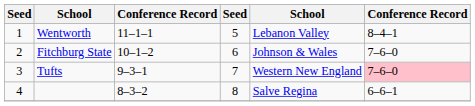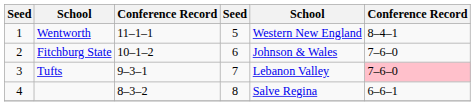 <table class="wikitable">
 <tr>
 <th>Seed</th>
 <th>School</th>
 <th>Conference Record</th>
 <th>Seed</th>
 <th>School</th>
 <th>Conference Record</th>
 </tr>
 <tr>
 <td align=center>1</td>
 <td><a href='#'>Wentworth</a></td>
 <td>11–1–1</td>
 <td align=center>5</td>
-<td><a href='#'>Lebanon Valley</a></td>
+<td><a href='#'>Western New England</a></td>
 <td>8–4–1</td>
 </tr>
 <tr>
 <td align=center>2</td>
 <td><a href='#'>Fitchburg State</a></td>
 <td>10–1–2</td>
 <td align=center>6</td>
 <td><a href='#'>Johnson & Wales</a></td>
 <td>7–6–0</td>
 </tr>
 <tr>
 <td align=center>3</td>
 <td><a href='#'>Tufts</a></td>
 <td>9–3–1</td>
 <td align=center>7</td>
-<td><a href='#'>Western New England</a></td>
+<td><a href='#'>Lebanon Valley</a></td>
 <td style="background: pink;">7–6–0</td>
 </tr>
 <tr>
 <td align=center>4</td>
 <td><a href='#'></a></td>
 <td>8–3–2</td>
 <td align=center>8</td>
 <td><a href='#'>Salve Regina</a></td>
 <td>6–6–1</td>
 </tr>
 <tr>
 </tr>
 </table>
